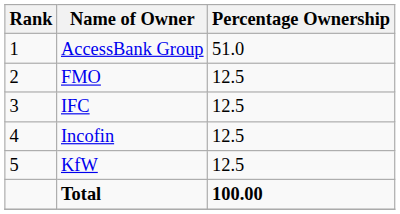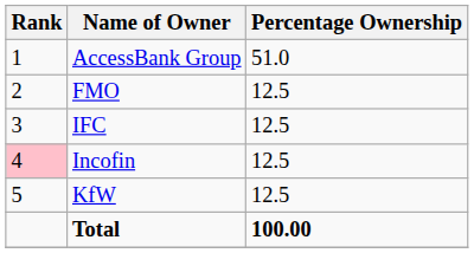 <table class="wikitable sortable" style="margin: 0.5em auto">
 <tr>
 <th>Rank</th>
 <th>Name of Owner</th>
 <th>Percentage Ownership</th>
 </tr>
 <tr>
 <td>1</td>
 <td><a href='#'>AccessBank Group</a></td>
 <td>51.0</td>
 </tr>
 <tr>
 <td>2</td>
 <td><a href='#'>FMO</a></td>
 <td>12.5</td>
 </tr>
 <tr>
 <td>3</td>
 <td><a href='#'>IFC</a></td>
 <td>12.5</td>
 </tr>
 <tr>
-<td>4</td>
+<td style="background: pink;">4</td>
 <td><a href='#'>Incofin</a></td>
 <td>12.5</td>
 </tr>
 <tr>
 <td>5</td>
 <td><a href='#'>KfW</a></td>
 <td>12.5</td>
 </tr>
 <tr>
 <td></td>
 <td><strong>Total</strong></td>
 <td><strong>100.00</strong></td>
 </tr>
 <tr>
 </tr>
 </table>
